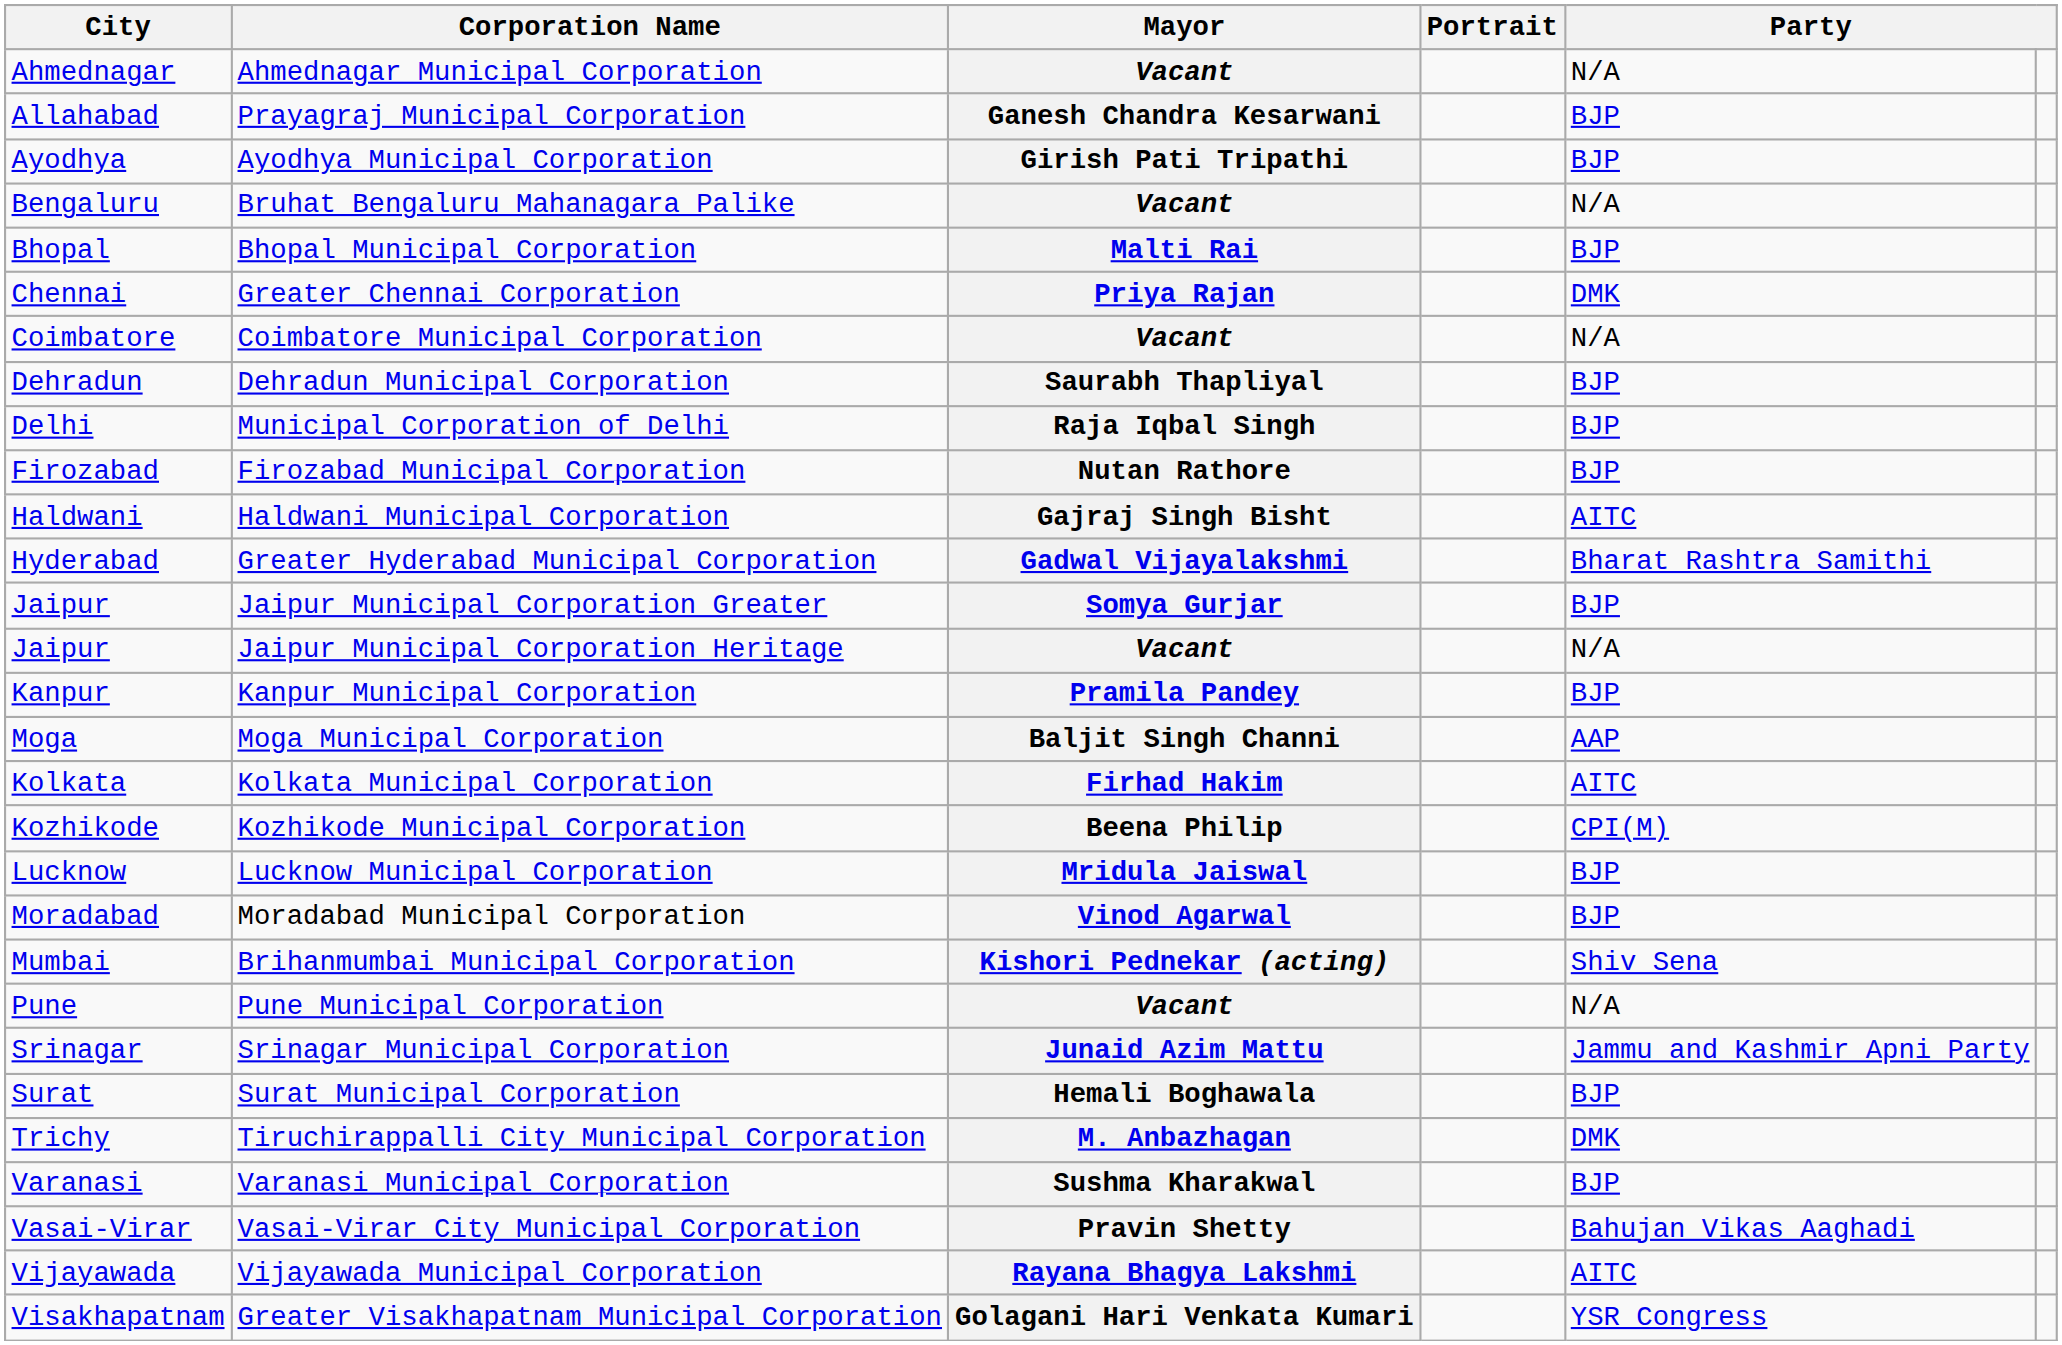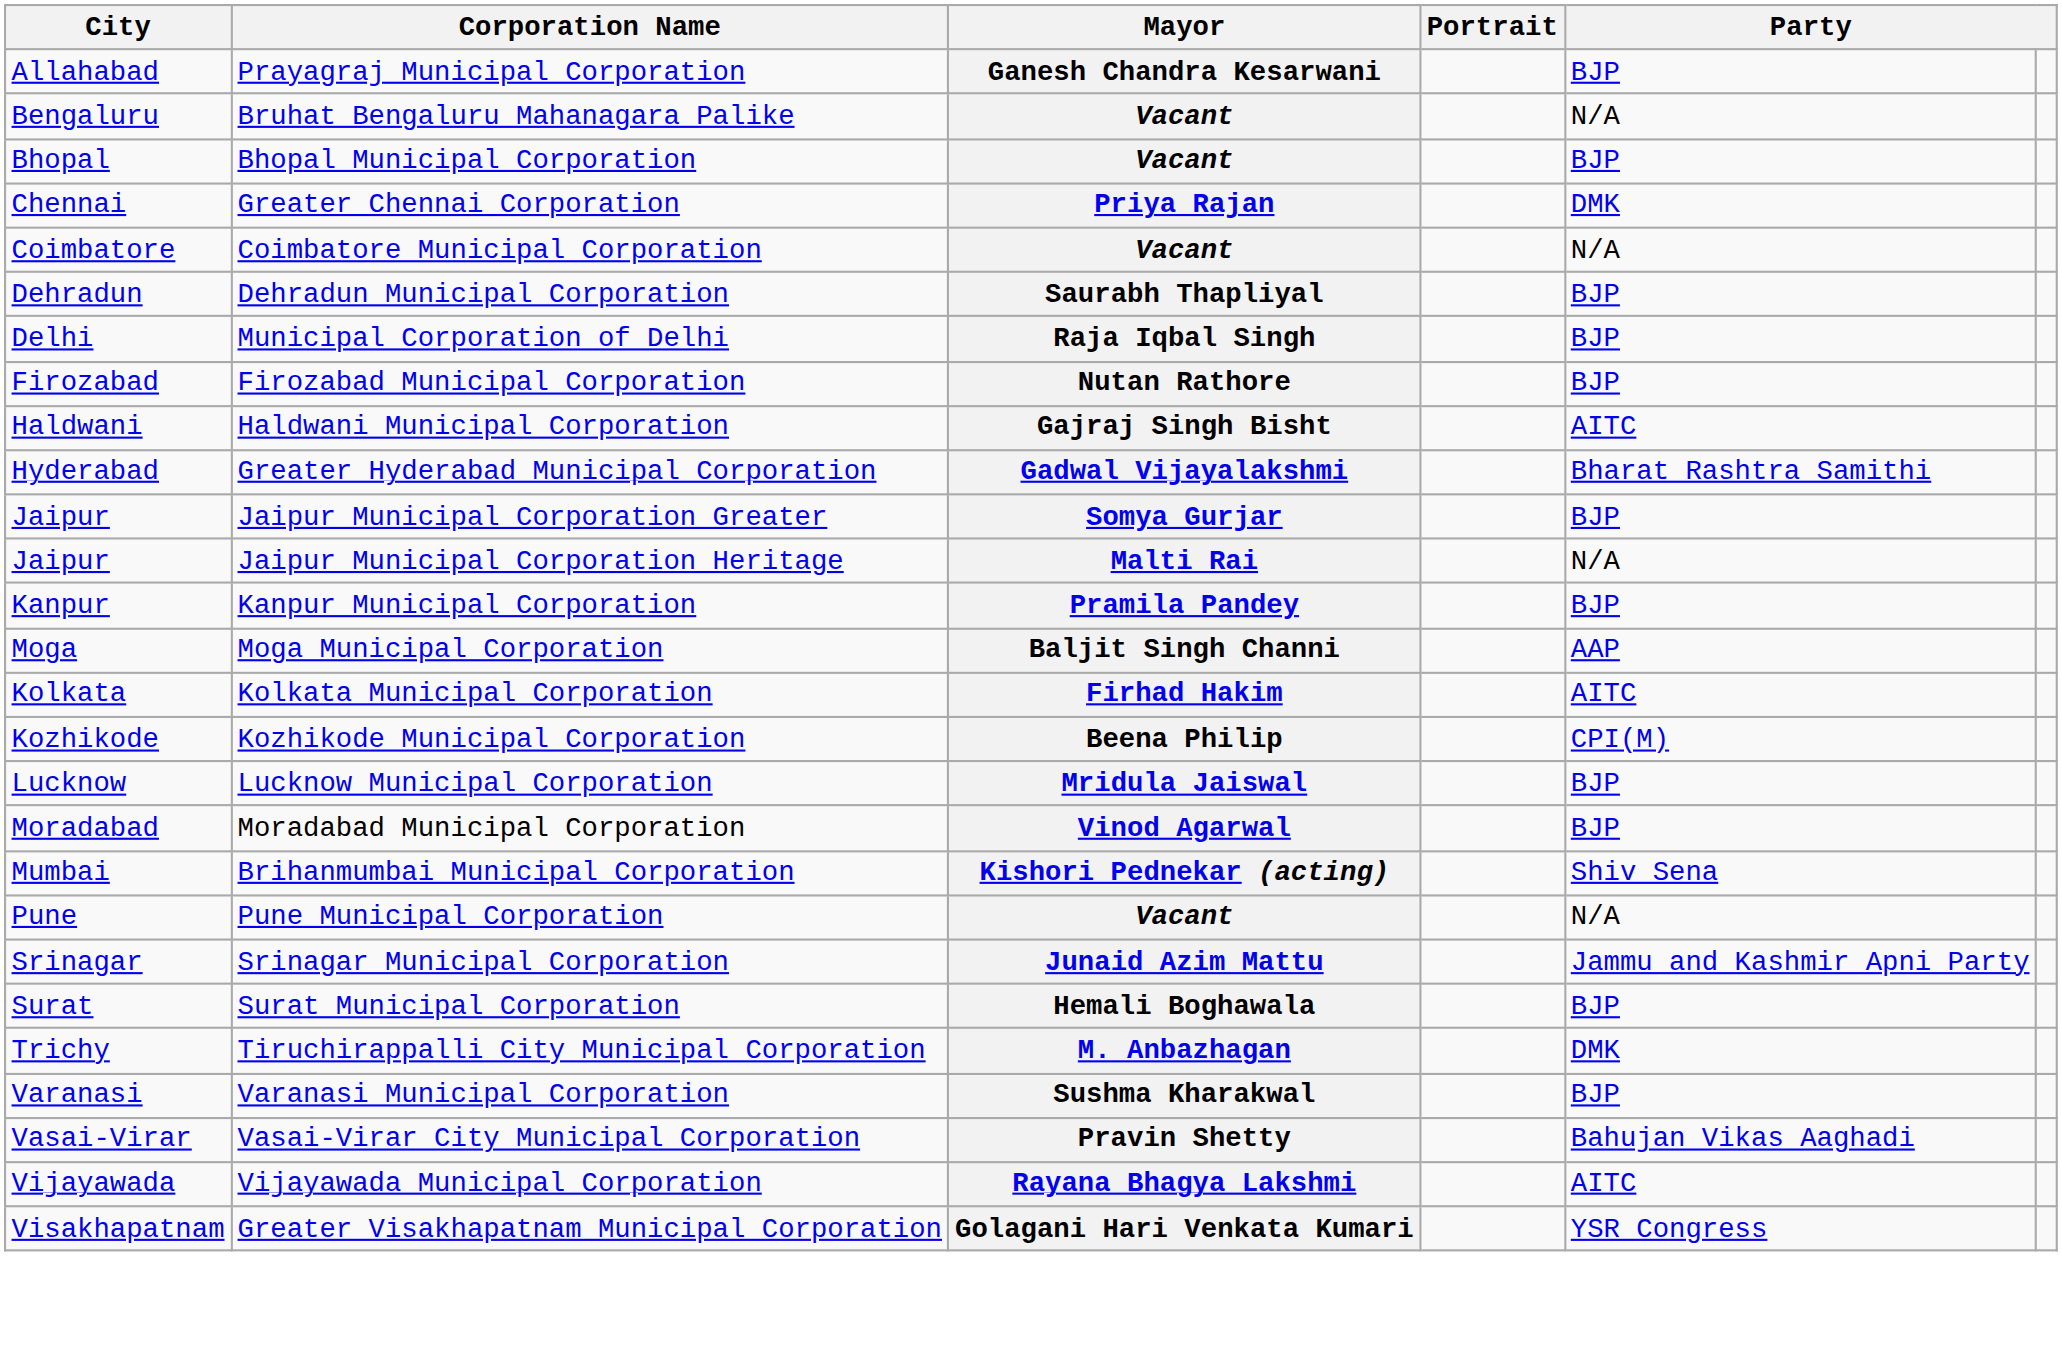 <table class="wikitable sortable">
 <tr>
 <th>City</th>
 <th>Corporation Name</th>
 <th>Mayor</th>
 <th>Portrait</th>
 <th Deputy ! colspan="2" scope="col">Party</th>
 </tr>
 <tr>
-<td><a href='#'>Ahmednagar</a></td>
-<td><a href='#'>Ahmednagar Municipal Corporation</a></td>
-<th><em>Vacant</em></th>
-<td></td>
-<td>N/A</td>
-<td></td>
-</tr>
-<tr>
 <td><a href='#'>Allahabad</a></td>
 <td><a href='#'>Prayagraj Municipal Corporation</a></td>
 <th>Ganesh Chandra Kesarwani</th>
 <td></td>
 <td><a href='#'>BJP</a></td>
-<td width="4px" style="background-color: "></td>
-</tr>
-<tr>
-<td><a href='#'>Ayodhya</a></td>
-<td><a href='#'>Ayodhya Municipal Corporation</a></td>
-<th>Girish Pati Tripathi</th>
-<td></td>
-<td Sudha Mishra><a href='#'>BJP</a></td>
 <td width="4px" style="background-color: "></td>
 </tr>
 <tr>
 <td><a href='#'>Bengaluru</a></td>
 <td><a href='#'>Bruhat Bengaluru Mahanagara Palike</a></td>
 <th><em>Vacant</em></th>
 <td></td>
 <td>N/A</td>
 <td></td>
 </tr>
 <tr>
 <td><a href='#'>Bhopal</a></td>
 <td><a href='#'>Bhopal Municipal Corporation</a></td>
-<th><a href='#'>Malti Rai</a></th>
+<th><em>Vacant</em></th>
 <td></td>
 <td><a href='#'>BJP</a></td>
 <td width="4px" style="background-color: "></td>
 </tr>
 <tr>
 <td><a href='#'>Chennai</a></td>
 <td><a href='#'>Greater Chennai Corporation</a></td>
 <th><a href='#'>Priya Rajan</a></th>
 <td></td>
 <td Mahesh Kumar><a href='#'>DMK</a></td>
 <td width="4px" style="background-color: "></td>
 </tr>
 <tr>
 <td><a href='#'>Coimbatore</a></td>
 <td><a href='#'>Coimbatore Municipal Corporation</a></td>
 <th><em>Vacant</em></th>
 <td></td>
 <td N/A>N/A</td>
 <td N/A></td>
 </tr>
 <tr>
 <td><a href='#'>Dehradun</a></td>
 <td><a href='#'>Dehradun Municipal Corporation</a></td>
 <th>Saurabh Thapliyal</th>
 <td></td>
 <td><a href='#'>BJP</a></td>
 <td width="4px" style="background-color: "></td>
 </tr>
 <tr>
 <td><a href='#'>Delhi</a></td>
 <td><a href='#'>Municipal Corporation of Delhi</a></td>
 <th>Raja Iqbal Singh</th>
 <td></td>
 <td><a href='#'>BJP</a></td>
 <td width="4px" style="background-color: "></td>
 </tr>
 <tr>
 <td><a href='#'>Firozabad</a></td>
 <td><a href='#'>Firozabad Municipal Corporation</a></td>
 <th>Nutan Rathore</th>
 <td></td>
 <td><a href='#'>BJP</a></td>
 <td width="4px" style="background-color: "></td>
 </tr>
 <tr>
 <td><a href='#'>Haldwani</a></td>
 <td><a href='#'>Haldwani Municipal Corporation</a></td>
 <th>Gajraj Singh Bisht</th>
 <td></td>
 <td Atin Ghosh><a href='#'>AITC</a></td>
 <td width="4px" style="background-color: "></td>
 </tr>
 <tr>
 <td><a href='#'>Hyderabad</a></td>
 <td><a href='#'>Greater Hyderabad Municipal Corporation</a></td>
 <th><a href='#'>Gadwal Vijayalakshmi</a></th>
 <td></td>
 <td><a href='#'>Bharat Rashtra Samithi</a></td>
 <td width="4px" style="background-color: "></td>
 </tr>
 <tr>
 <td><a href='#'>Jaipur</a></td>
 <td><a href='#'>Jaipur Municipal Corporation Greater</a></td>
 <th><a href='#'>Somya Gurjar</a></th>
 <td></td>
 <td><a href='#'>BJP</a></td>
 <td width="4px" style="background-color: "></td>
 </tr>
 <tr>
 <td><a href='#'>Jaipur</a></td>
 <td><a href='#'>Jaipur Municipal Corporation Heritage</a></td>
-<th><em>Vacant</em></th>
+<th><a href='#'>Malti Rai</a></th>
 <td></td>
 <td N/A>N/A</td>
 <td N/A></td>
 </tr>
 <tr>
 <td><a href='#'>Kanpur</a></td>
 <td><a href='#'>Kanpur Municipal Corporation</a></td>
 <th><a href='#'>Pramila Pandey</a></th>
 <td></td>
 <td><a href='#'>BJP</a></td>
 <td width="4px" style="background-color: "></td>
 </tr>
 <tr>
 <td><a href='#'>Moga</a></td>
 <td><a href='#'>Moga Municipal Corporation</a></td>
 <th>Baljit Singh Channi</th>
 <td></td>
 <td><a href='#'>AAP</a></td>
 <td width="4px" style="background-color: "></td>
 </tr>
 <tr>
 <td><a href='#'>Kolkata</a></td>
 <td><a href='#'>Kolkata Municipal Corporation</a></td>
 <th><a href='#'>Firhad Hakim</a></th>
 <td></td>
 <td Atin Ghosh><a href='#'>AITC</a></td>
 <td width="4px" style="background-color: "></td>
 </tr>
 <tr>
 <td><a href='#'>Kozhikode</a></td>
 <td><a href='#'>Kozhikode Municipal Corporation</a></td>
 <th>Beena Philip</th>
 <td></td>
 <td Musafar Ahammed><a href='#'>CPI(M)</a></td>
 <td width="4px" style="background-color: "></td>
 </tr>
 <tr>
 <td><a href='#'>Lucknow</a></td>
 <td><a href='#'>Lucknow Municipal Corporation</a></td>
 <th><a href='#'>Mridula Jaiswal</a></th>
 <td></td>
 <td><a href='#'>BJP</a></td>
 <td width="4px" style="background-color: "></td>
 </tr>
 <tr>
 <td><a href='#'>Moradabad</a></td>
 <td>Moradabad Municipal Corporation</td>
 <th><a href='#'>Vinod Agarwal</a></th>
 <td></td>
 <td><a href='#'>BJP</a></td>
 <td width="4px" style="background-color: "></td>
 </tr>
 <tr>
 <td><a href='#'>Mumbai</a></td>
 <td><a href='#'>Brihanmumbai Municipal Corporation</a></td>
 <th><a href='#'>Kishori Pednekar</a> <em>(acting)</em></th>
 <td></td>
 <td><a href='#'>Shiv Sena</a></td>
 <td width="4px" style="background-color: "></td>
 </tr>
 <tr>
 <td><a href='#'>Pune</a></td>
 <td><a href='#'>Pune Municipal Corporation</a></td>
 <th><em>Vacant</em></th>
 <td></td>
 <td N/A>N/A</td>
 <td></td>
 </tr>
 <tr>
 <td><a href='#'>Srinagar</a></td>
 <td><a href='#'>Srinagar Municipal Corporation</a></td>
 <th><a href='#'>Junaid Azim Mattu</a></th>
 <td></td>
 <td Parvaiz Ahmad Qadri><a href='#'>Jammu and Kashmir Apni Party</a></td>
 <td width="4px" style="background-color: "></td>
 </tr>
 <tr>
 <td><a href='#'>Surat</a></td>
 <td><a href='#'>Surat Municipal Corporation</a></td>
 <th>Hemali Boghawala</th>
 <td></td>
 <td Dineshbhai Vaghjibhai Jodhani><a href='#'>BJP</a></td>
 <td width="4px" style="background-color: "></td>
 </tr>
 <tr>
 <td><a href='#'>Trichy</a></td>
 <td><a href='#'>Tiruchirappalli City Municipal Corporation</a></td>
 <th><a href='#'>M. Anbazhagan</a></th>
 <td></td>
 <td G. Divya><a href='#'>DMK</a></td>
 <td width="4px" style="background-color: "></td>
 </tr>
 <tr>
 <td><a href='#'>Varanasi</a></td>
 <td><a href='#'>Varanasi Municipal Corporation</a></td>
 <th>Sushma Kharakwal</th>
 <td></td>
 <td><a href='#'>BJP</a></td>
 <td width="4px" style="background-color: "></td>
 </tr>
 <tr>
 <td><a href='#'>Vasai-Virar</a></td>
 <td><a href='#'>Vasai-Virar City Municipal Corporation</a></td>
 <th>Pravin Shetty</th>
 <td></td>
 <td Prakash Rodrigues><a href='#'>Bahujan Vikas Aaghadi</a></td>
 <td width="4px" style="background-color: "></td>
 </tr>
 <tr>
 <td><a href='#'>Vijayawada</a></td>
 <td><a href='#'>Vijayawada Municipal Corporation</a></td>
 <th><a href='#'>Rayana Bhagya Lakshmi</a></th>
 <td></td>
 <td Atin Ghosh><a href='#'>AITC</a></td>
 <td width="4px" style="background-color: "></td>
 </tr>
 <tr>
 <td><a href='#'>Visakhapatnam</a></td>
 <td><a href='#'>Greater Visakhapatnam Municipal Corporation</a></td>
 <th>Golagani Hari Venkata Kumari</th>
 <td></td>
 <td><a href='#'>YSR Congress</a></td>
 <td width="4px" style="background-color: "></td>
 </tr>
 </table>
